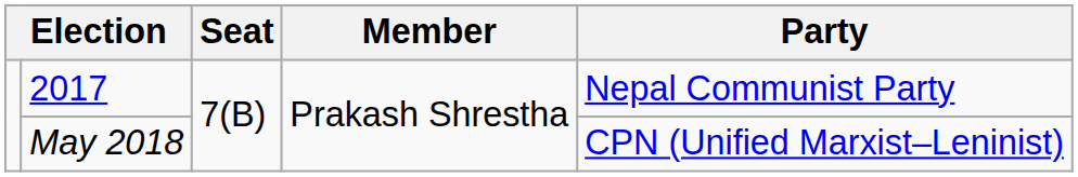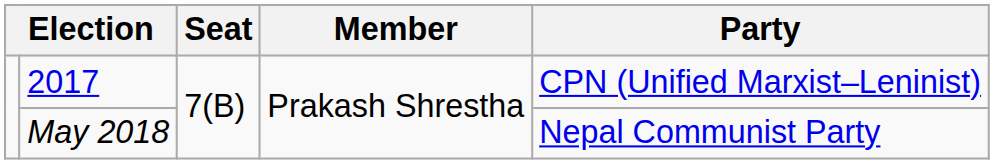 <table class="wikitable">
 <tr>
 <th colspan="2">Election</th>
 <th>Seat</th>
 <th>Member</th>
 <th>Party</th>
 </tr>
 <tr>
 <td rowspan="2" style="background-color:"></td>
 <td><a href='#'>2017</a></td>
 <td rowspan="2">7(B)</td>
 <td rowspan="2">Prakash Shrestha</td>
-<td><a href='#'>Nepal Communist Party</a></td>
+<td><a href='#'>CPN (Unified Marxist–Leninist)</a></td>
 </tr>
 <tr>
 <td><em>May 2018</em></td>
-<td><a href='#'>CPN (Unified Marxist–Leninist)</a></td>
+<td><a href='#'>Nepal Communist Party</a></td>
 </tr>
 </table>
